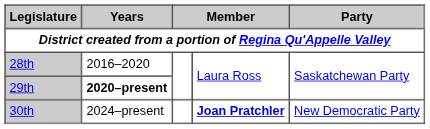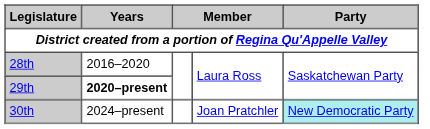 <table border=1 cellpadding=5 cellspacing=0>
 <tr bgcolor="CCCCCC">
 <th>Legislature</th>
 <th>Years</th>
 <th colspan="2">Member</th>
 <th>Party</th>
 </tr>
 <tr>
 <td colspan="5" align="center"><strong><em>District created from a portion of <a href='#'>Regina Qu'Appelle Valley</a></em></strong></td>
 </tr>
 <tr>
 <td bgcolor="CCCCCC"><a href='#'>28th</a></td>
 <td>2016–2020</td>
 <td rowspan=2 >   </td>
 <td rowspan=2><a href='#'>Laura Ross</a></td>
 <td rowspan=2><a href='#'>Saskatchewan Party</a></td>
 </tr>
 <tr>
 <td bgcolor="CCCCCC"><a href='#'>29th</a></td>
 <td><strong>2020–present</strong></td>
 </tr>
 <tr>
 <td bgcolor="CCCCCC"><a href='#'>30th</a></td>
 <td>2024–present</td>
 <td>   </td>
-<td><strong><a href='#'>Joan Pratchler</a></strong></td>
-<td><a href='#'>New Democratic Party</a></td>
+<td><a href='#'>Joan Pratchler</a></td>
+<td style="background: paleturquoise;"><a href='#'>New Democratic Party</a></td>
 </tr>
 </table>
